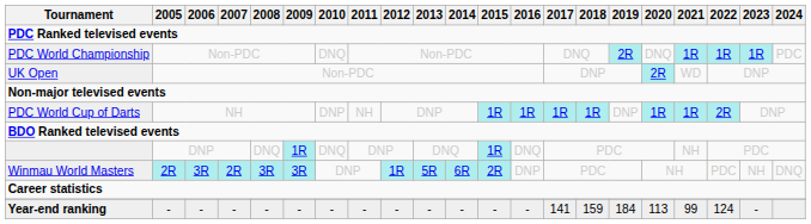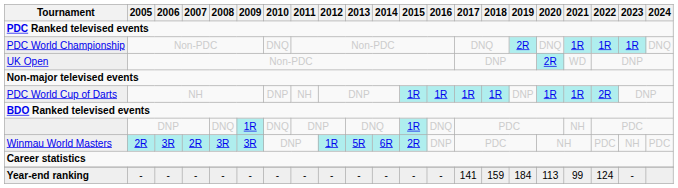 <table class="wikitable" style=text-align:center;font-size:88%>
 <tr>
 <th>Tournament</th>
 <th>2005</th>
 <th>2006</th>
 <th>2007</th>
 <th>2008</th>
 <th>2009</th>
 <th>2010</th>
 <th>2011</th>
 <th>2012</th>
 <th>2013</th>
 <th>2014</th>
 <th>2015</th>
 <th>2016</th>
 <th>2017</th>
 <th>2018</th>
 <th>2019</th>
 <th>2020</th>
 <th>2021</th>
 <th>2022</th>
 <th>2023</th>
 <th>2024</th>
 </tr>
 <tr>
 <td colspan="31" align="left"><strong><a href='#'>PDC</a> Ranked televised events</strong></td>
 </tr>
 <tr>
 <td style="background:#efefef;"><a href='#'>PDC World Championship</a></td>
 <td colspan="5" style="text-align:center; color:#ccc;">Non-PDC</td>
 <td style="text-align:center; color:#ccc;">DNQ</td>
 <td colspan="6" style="text-align:center; color:#ccc;">Non-PDC</td>
 <td colspan="2" style="text-align:center; color:#ccc;">DNQ</td>
 <td style="text-align:center; background:#afeeee;"><a href='#'>2R</a></td>
 <td style="text-align:center; color:#ccc;">DNQ</td>
 <td style="text-align:center; background:#afeeee;"><a href='#'>1R</a></td>
 <td style="text-align:center; background:#afeeee;"><a href='#'>1R</a></td>
 <td style="text-align:center; background:#afeeee;"><a href='#'>1R</a></td>
-<td style="text-align:center; color:#ccc;">PDC</td>
+<td style="text-align:center; color:#ccc;">DNQ</td>
 </tr>
 <tr>
 <td style="background:#efefef;" align="left"><a href='#'>UK Open</a></td>
 <td colspan="12" style="text-align:center; color:#ccc;">Non-PDC</td>
 <td colspan="3" style="text-align:center; color:#ccc;">DNP</td>
 <td style="text-align:center; background:#afeeee;"><a href='#'>2R</a></td>
 <td style="text-align:center; color:#ccc;">WD</td>
 <td colspan="3" style="text-align:center; color:#ccc;">DNP</td>
 </tr>
 <tr>
 <td colspan="21" align="left"><strong>Non-major televised events</strong></td>
 </tr>
 <tr>
 <td style="background:#efefef;" align="left"><a href='#'>PDC World Cup of Darts</a></td>
 <td colspan="5" style="text-align:center; color:#ccc;">NH</td>
 <td colspan="1" style="text-align:center; color:#ccc;">DNP</td>
 <td colspan="1" style="text-align:center; color:#ccc;">NH</td>
 <td colspan="3" style="text-align:center; color:#ccc;">DNP</td>
 <td style="text-align:center; background:#afeeee;"><a href='#'>1R</a></td>
 <td style="text-align:center; background:#afeeee;"><a href='#'>1R</a></td>
 <td style="text-align:center; background:#afeeee;"><a href='#'>1R</a></td>
 <td style="text-align:center; background:#afeeee;"><a href='#'>1R</a></td>
 <td colspan="1" style="text-align:center; color:#ccc;">DNP</td>
 <td style="text-align:center; background:#afeeee;"><a href='#'>1R</a></td>
 <td style="text-align:center; background:#afeeee;"><a href='#'>1R</a></td>
 <td style="text-align:center; background:#afeeee;"><a href='#'>2R</a></td>
 <td colspan="2" style="text-align:center; color:#ccc;">DNP</td>
 </tr>
 <tr>
 <td colspan="31" align="left"><strong><a href='#'>BDO</a> Ranked televised events</strong></td>
 </tr>
 <tr>
 <td style="background:#efefef;"></td>
 <td colspan="3" style="text-align:center; color:#ccc;">DNP</td>
 <td style="text-align:center; color:#ccc;">DNQ</td>
 <td style="text-align:center; background:#afeeee;"><a href='#'>1R</a></td>
 <td style="text-align:center; color:#ccc;">DNQ</td>
 <td colspan="2" style="text-align:center; color:#ccc;">DNP</td>
 <td colspan="2" style="text-align:center; color:#ccc;">DNQ</td>
 <td style="text-align:center; background:#afeeee;"><a href='#'>1R</a></td>
 <td style="text-align:center; color:#ccc;">DNQ</td>
 <td colspan="4"  style="text-align:center; color:#ccc;">PDC</td>
 <td style="text-align:center; color:#ccc;">NH</td>
 <td colspan="3" style="text-align:center; color:#ccc;">PDC</td>
 </tr>
 <tr>
 <td style="background:#efefef;" align=left><a href='#'>Winmau World Masters</a></td>
 <td style="text-align:center; background:#afeeee;"><a href='#'>2R</a></td>
 <td style="text-align:center; background:#afeeee;"><a href='#'>3R</a></td>
 <td style="text-align:center; background:#afeeee;"><a href='#'>2R</a></td>
 <td style="text-align:center; background:#afeeee;"><a href='#'>3R</a></td>
 <td style="text-align:center; background:#afeeee;"><a href='#'>3R</a></td>
 <td colspan="2" style="text-align:center; color:#ccc;">DNP</td>
 <td style="text-align:center; background:#afeeee;"><a href='#'>1R</a></td>
 <td style="text-align:center; background:#afeeee;"><a href='#'>5R</a></td>
 <td style="text-align:center; background:#afeeee;"><a href='#'>6R</a></td>
 <td style="text-align:center; background:#afeeee;"><a href='#'>2R</a></td>
 <td style="text-align:center; color:#ccc;">DNP</td>
 <td colspan="3" style="text-align:center; color:#ccc;">PDC</td>
 <td colspan="2" style="text-align:center; color:#ccc;">NH</td>
 <td style="text-align:center; color:#ccc;">PDC</td>
 <td style="text-align:center; color:#ccc;">NH</td>
-<td style="text-align:center; color:#ccc;">DNQ</td>
+<td style="text-align:center; color:#ccc;">PDC</td>
 </tr>
 <tr>
 <td colspan="31" align="left"><strong>Career statistics</strong></td>
 </tr>
 <tr>
 </tr>
 <tr bgcolor="efefef">
 <td align="left"><strong>Year-end ranking</strong></td>
 <td style="text-align:center;">-</td>
 <td style="text-align:center;">-</td>
 <td style="text-align:center;">-</td>
 <td style="text-align:center;">-</td>
 <td style="text-align:center;">-</td>
 <td style="text-align:center;">-</td>
 <td style="text-align:center;">-</td>
 <td style="text-align:center;">-</td>
 <td style="text-align:center;">-</td>
 <td style="text-align:center;">-</td>
 <td style="text-align:center;">-</td>
 <td style="text-align:center;">-</td>
 <td style="text-align:center;">141</td>
 <td style="text-align:center;">159</td>
 <td style="text-align:center;">184</td>
 <td style="text-align:center;">113</td>
 <td style="text-align:center;">99</td>
 <td style="text-align:center;">124</td>
 <td style="text-align:center;">-</td>
 <td style="text-align:center;"></td>
 </tr>
 </table>
